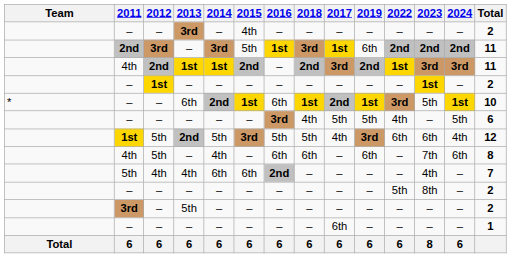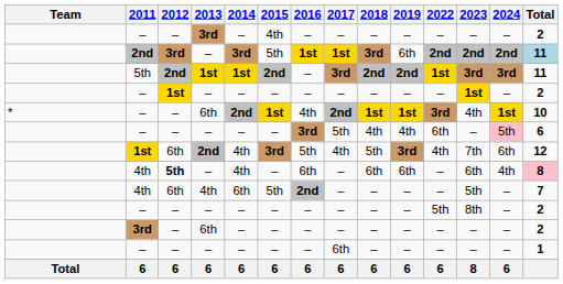 <table class=wikitable style="text-align:center">
 <tr>
 <th style="width: 150px;">Team</th>
 <th><a href='#'>2011</a></th>
 <th><a href='#'>2012</a></th>
 <th><a href='#'>2013</a></th>
 <th><a href='#'>2014</a></th>
 <th><a href='#'>2015</a></th>
 <th><a href='#'>2016</a></th>
+<th><a href='#'>2017</a></th>
 <th><a href='#'>2018</a></th>
-<th><a href='#'>2017</a></th>
 <th><a href='#'>2019</a></th>
 <th><a href='#'>2022</a></th>
 <th><a href='#'>2023</a></th>
 <th><a href='#'>2024</a></th>
 <th>Total</th>
 </tr>
 <tr>
 <td align=left></td>
 <td>–</td>
 <td>–</td>
 <td bgcolor=#cc9966><strong>3rd</strong></td>
 <td>–</td>
 <td>4th</td>
 <td>–</td>
 <td>–</td>
 <td>–</td>
 <td>–</td>
 <td>–</td>
 <td>–</td>
 <td>–</td>
 <td><strong>2</strong></td>
 </tr>
 <tr>
 <td align=left></td>
 <td bgcolor=silver><strong>2nd</strong></td>
 <td bgcolor=#cc9966><strong>3rd</strong></td>
 <td>–</td>
 <td bgcolor=#cc9966><strong>3rd</strong></td>
 <td>5th</td>
 <td bgcolor=gold><strong>1st</strong></td>
+<td bgcolor=gold><strong>1st</strong></td>
 <td bgcolor=#cc9966><strong>3rd</strong></td>
-<td bgcolor=gold><strong>1st</strong></td>
 <td>6th</td>
 <td bgcolor=silver><strong>2nd</strong></td>
 <td bgcolor=silver><strong>2nd</strong></td>
 <td bgcolor=silver><strong>2nd</strong></td>
-<td><strong>11</strong></td>
+<td style="background: lightblue;"><strong>11</strong></td>
 </tr>
 <tr>
 <td align=left></td>
-<td>4th</td>
+<td>5th</td>
 <td bgcolor=silver><strong>2nd</strong></td>
 <td bgcolor=gold><strong>1st</strong></td>
 <td bgcolor=gold><strong>1st</strong></td>
 <td bgcolor=silver><strong>2nd</strong></td>
 <td>–</td>
+<td bgcolor=#cc9966><strong>3rd</strong></td>
 <td bgcolor=silver><strong>2nd</strong></td>
-<td bgcolor=#cc9966><strong>3rd</strong></td>
 <td bgcolor=silver><strong>2nd</strong></td>
 <td bgcolor=gold><strong>1st</strong></td>
 <td bgcolor=#cc9966><strong>3rd</strong></td>
 <td bgcolor=#cc9966><strong>3rd</strong></td>
 <td><strong>11</strong></td>
 </tr>
 <tr>
 <td align=left></td>
 <td>–</td>
 <td bgcolor=gold><strong>1st</strong></td>
 <td>–</td>
 <td>–</td>
 <td>–</td>
 <td>–</td>
 <td>–</td>
 <td>–</td>
 <td>–</td>
 <td>–</td>
 <td bgcolor=gold><strong>1st</strong></td>
 <td>–</td>
 <td><strong>2</strong></td>
 </tr>
 <tr>
 <td align=left>*</td>
 <td>–</td>
 <td>–</td>
 <td>6th</td>
 <td bgcolor=silver><strong>2nd</strong></td>
 <td bgcolor=gold><strong>1st</strong></td>
-<td>6th</td>
-<td bgcolor=gold><strong>1st</strong></td>
+<td>4th</td>
 <td bgcolor=silver><strong>2nd</strong></td>
 <td bgcolor=gold><strong>1st</strong></td>
+<td bgcolor=gold><strong>1st</strong></td>
 <td bgcolor=#cc9966><strong>3rd</strong></td>
-<td>5th</td>
+<td>4th</td>
 <td bgcolor=gold><strong>1st</strong></td>
 <td><strong>10</strong></td>
 </tr>
 <tr>
 <td align=left></td>
 <td>–</td>
 <td>–</td>
 <td>–</td>
 <td>–</td>
 <td>–</td>
 <td bgcolor=#cc9966><strong>3rd</strong></td>
-<td>4th</td>
-<td>5th</td>
 <td>5th</td>
 <td>4th</td>
+<td>4th</td>
+<td>6th</td>
 <td>–</td>
-<td>5th</td>
+<td style="background: pink;">5th</td>
 <td><strong>6</strong></td>
 </tr>
 <tr>
 <td align=left></td>
 <td bgcolor=gold><strong>1st</strong></td>
+<td>6th</td>
+<td bgcolor=silver><strong>2nd</strong></td>
+<td>4th</td>
+<td bgcolor=#cc9966><strong>3rd</strong></td>
 <td>5th</td>
-<td bgcolor=silver><strong>2nd</strong></td>
+<td>4th</td>
 <td>5th</td>
 <td bgcolor=#cc9966><strong>3rd</strong></td>
-<td>5th</td>
-<td>5th</td>
 <td>4th</td>
-<td bgcolor=#cc9966><strong>3rd</strong></td>
+<td>7th</td>
 <td>6th</td>
-<td>6th</td>
-<td>4th</td>
 <td><strong>12</strong></td>
 </tr>
 <tr>
 <td align=left></td>
 <td>4th</td>
-<td>5th</td>
+<td><strong>5th</strong></td>
 <td>–</td>
 <td>4th</td>
+<td>–</td>
+<td>6th</td>
 <td>–</td>
 <td>6th</td>
 <td>6th</td>
 <td>–</td>
 <td>6th</td>
-<td>–</td>
-<td>7th</td>
-<td>6th</td>
-<td><strong>8</strong></td>
+<td>4th</td>
+<td style="background: pink;"><strong>8</strong></td>
 </tr>
 <tr>
 <td align=left></td>
-<td>5th</td>
-<td>4th</td>
 <td>4th</td>
 <td>6th</td>
+<td>4th</td>
 <td>6th</td>
+<td>5th</td>
 <td bgcolor=silver><strong>2nd</strong></td>
 <td>–</td>
 <td>–</td>
 <td>–</td>
 <td>–</td>
-<td>4th</td>
+<td>5th</td>
 <td>–</td>
 <td><strong>7</strong></td>
 </tr>
 <tr>
 <td align=left></td>
 <td>–</td>
 <td>–</td>
 <td>–</td>
 <td>–</td>
 <td>–</td>
 <td>–</td>
 <td>–</td>
 <td>–</td>
 <td>–</td>
 <td>5th</td>
 <td>8th</td>
 <td>–</td>
 <td><strong>2</strong></td>
 </tr>
 <tr>
 <td align=left></td>
 <td bgcolor=#cc9966><strong>3rd</strong></td>
 <td>–</td>
-<td>5th</td>
+<td>6th</td>
 <td>–</td>
 <td>–</td>
 <td>–</td>
 <td>–</td>
 <td>–</td>
 <td>–</td>
 <td>–</td>
 <td>–</td>
 <td>–</td>
 <td><strong>2</strong></td>
 </tr>
 <tr>
 <td align=left></td>
 <td>–</td>
 <td>–</td>
 <td>–</td>
 <td>–</td>
 <td>–</td>
 <td>–</td>
+<td>6th</td>
 <td>–</td>
-<td>6th</td>
 <td>–</td>
 <td>–</td>
 <td>–</td>
 <td>–</td>
 <td><strong>1</strong></td>
 </tr>
 <tr>
 <th>Total</th>
 <th>6</th>
 <th>6</th>
 <th>6</th>
 <th>6</th>
 <th>6</th>
 <th>6</th>
 <th>6</th>
 <th>6</th>
 <th>6</th>
 <th>6</th>
 <th>8</th>
 <th>6</th>
 <th></th>
 </tr>
 </table>
